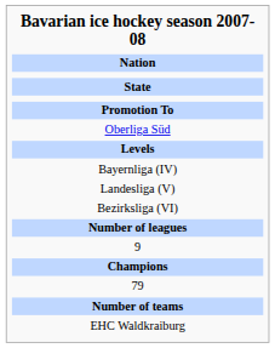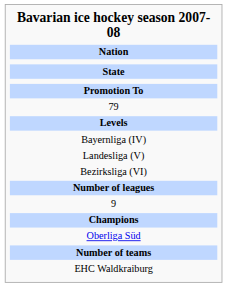 <table class="infobox football" style="width: 16em; text-align: center;">
 <tr>
 <th style="font-size: 16px;">Bavarian ice hockey season 2007-08</th>
 </tr>
 <tr>
 </tr>
 <tr>
 <td style="font-size: 12px; background: #BFD7FF;"><strong>Nation</strong></td>
 </tr>
 <tr>
 <td style="font-size: 12px;"></td>
 </tr>
 <tr>
 <td style="font-size: 12px; background: #BFD7FF;"><strong>State</strong></td>
 </tr>
 <tr>
 <td style="font-size: 12px;"></td>
 </tr>
 <tr>
 <td style="font-size: 12px; background: #BFD7FF;"><strong>Promotion To</strong></td>
 </tr>
 <tr>
-<td style="font-size: 12px;"><a href='#'>Oberliga Süd</a></td>
+<td style="font-size: 12px;">79</td>
 </tr>
 <tr>
 <td style="font-size: 12px; background: #BFD7FF;"><strong>Levels</strong></td>
 </tr>
 <tr>
 <td style="font-size: 12px;">Bayernliga (IV)</td>
 </tr>
 <tr>
 <td style="font-size: 12px;">Landesliga (V)</td>
 </tr>
 <tr>
 <td style="font-size: 12px;">Bezirksliga (VI)</td>
 </tr>
 <tr>
 <td style="font-size: 12px; background: #BFD7FF;"><strong>Number of leagues</strong></td>
 </tr>
 <tr>
 <td style="font-size: 12px;">9</td>
 </tr>
 <tr>
 <td style="font-size: 12px; background: #BFD7FF;"><strong>Champions</strong></td>
 </tr>
 <tr>
-<td style="font-size: 12px;">79</td>
+<td style="font-size: 12px;"><a href='#'>Oberliga Süd</a></td>
 </tr>
 <tr>
 <td style="font-size: 12px; background: #BFD7FF;"><strong>Number of teams</strong></td>
 </tr>
 <tr>
 <td style="font-size: 12px;">EHC Waldkraiburg</td>
 </tr>
 <tr>
 </tr>
 </table>
